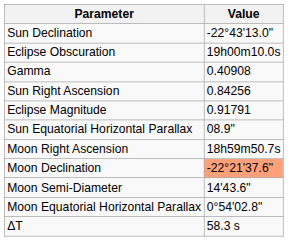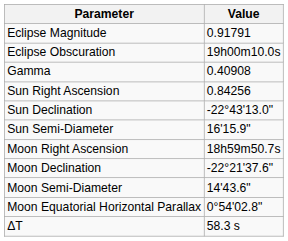 <table class="wikitable">
 <tr>
 <th>Parameter</th>
 <th>Value</th>
 </tr>
 <tr>
-<td>Sun Declination</td>
-<td>-22°43'13.0"</td>
+<td>Eclipse Magnitude</td>
+<td>0.91791</td>
 </tr>
 <tr>
 <td>Eclipse Obscuration</td>
 <td>19h00m10.0s</td>
 </tr>
 <tr>
 <td>Gamma</td>
 <td>0.40908</td>
 </tr>
 <tr>
 <td>Sun Right Ascension</td>
 <td>0.84256</td>
 </tr>
 <tr>
-<td>Eclipse Magnitude</td>
-<td>0.91791</td>
+<td>Sun Declination</td>
+<td>-22°43'13.0"</td>
 </tr>
 <tr>
-<td>Sun Equatorial Horizontal Parallax</td>
-<td>08.9"</td>
+<td>Sun Semi-Diameter</td>
+<td>16'15.9"</td>
 </tr>
 <tr>
 <td>Moon Right Ascension</td>
 <td>18h59m50.7s</td>
 </tr>
 <tr>
 <td>Moon Declination</td>
-<td style="background: lightsalmon;">-22°21'37.6"</td>
+<td>-22°21'37.6"</td>
 </tr>
 <tr>
 <td>Moon Semi-Diameter</td>
 <td>14'43.6"</td>
 </tr>
 <tr>
 <td>Moon Equatorial Horizontal Parallax</td>
 <td>0°54'02.8"</td>
 </tr>
 <tr>
 <td>ΔT</td>
 <td>58.3 s</td>
 </tr>
 </table>
